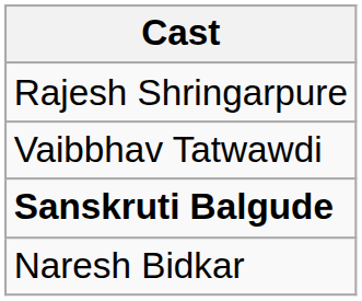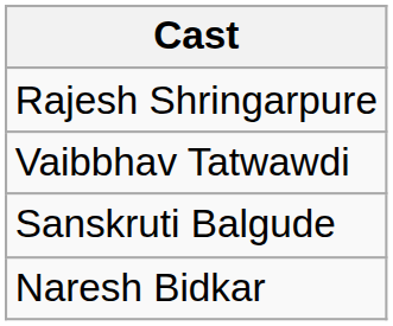 <table class="wikitable">
 <tr>
 <th>Cast</th>
 </tr>
 <tr>
 <td>Rajesh Shringarpure</td>
 </tr>
 <tr>
 <td>Vaibbhav Tatwawdi</td>
 </tr>
 <tr>
-<td><strong>Sanskruti Balgude</strong></td>
+<td>Sanskruti Balgude</td>
 </tr>
 <tr>
 <td>Naresh Bidkar</td>
 </tr>
 </table>
